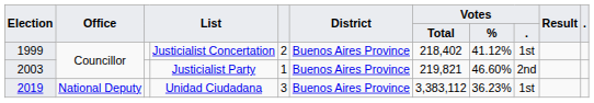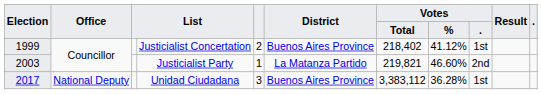 <table class="wikitable" style="font-size:90%; text-align:center;">
 <tr>
 <th style="background-color:#EAECF0;" rowspan=2>Election</th>
 <th style="background-color:#EAECF0;" rowspan=2>Office</th>
 <th style="background-color:#EAECF0;" colspan=2 rowspan=2>List</th>
 <th style="background-color:#EAECF0;" rowspan=2></th>
 <th style="background-color:#EAECF0;" rowspan=2>District</th>
 <th style="background-color:#EAECF0;" colspan=3>Votes</th>
 <th style="background-color:#EAECF0;" rowspan=2>Result</th>
 <th style="background-color:#EAECF0;" rowspan=2>.</th>
 </tr>
 <tr>
 <th style="background-color:#EAECF0;">Total</th>
 <th style="background-color:#EAECF0;">%</th>
 <th style="background-color:#EAECF0;">.</th>
 </tr>
 <tr>
 <td style="background-color:#EAECF0;">1999</td>
 <td rowspan=2>Councillor</td>
 <td style="background-color:"></td>
 <td><a href='#'>Justicialist Concertation</a></td>
 <td>2</td>
 <td><a href='#'>Buenos Aires Province</a></td>
 <td>218,402</td>
 <td>41.12%</td>
 <td>1st</td>
 <td></td>
 <td></td>
 </tr>
 <tr>
 <td style="background-color:#EAECF0;">2003</td>
 <td style="background-color:"></td>
 <td><a href='#'>Justicialist Party</a></td>
 <td>1</td>
-<td><a href='#'>Buenos Aires Province</a></td>
+<td><a href='#'>La Matanza Partido</a></td>
 <td>219,821</td>
 <td>46.60%</td>
 <td>2nd</td>
 <td></td>
 <td></td>
 </tr>
 <tr>
-<td style="background-color:#EAECF0;"><a href='#'>2019</a></td>
+<td style="background-color:#EAECF0;"><a href='#'>2017</a></td>
 <td><a href='#'>National Deputy</a></td>
 <td style="background-color:"></td>
 <td><a href='#'>Unidad Ciudadana</a></td>
 <td>3</td>
 <td><a href='#'>Buenos Aires Province</a></td>
 <td>3,383,112</td>
-<td>36.23%</td>
+<td>36.28%</td>
 <td>1st</td>
 <td></td>
 <td></td>
 </tr>
 </table>
